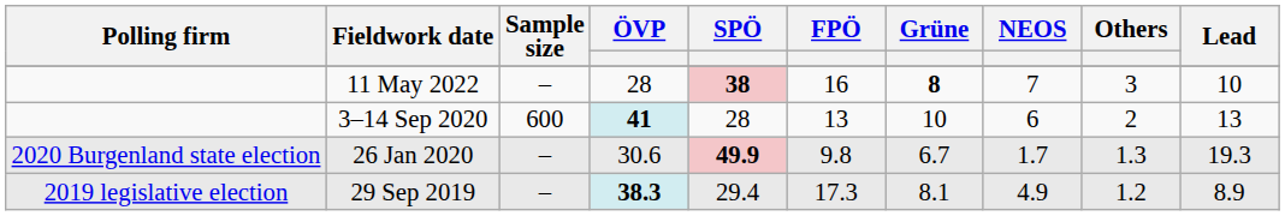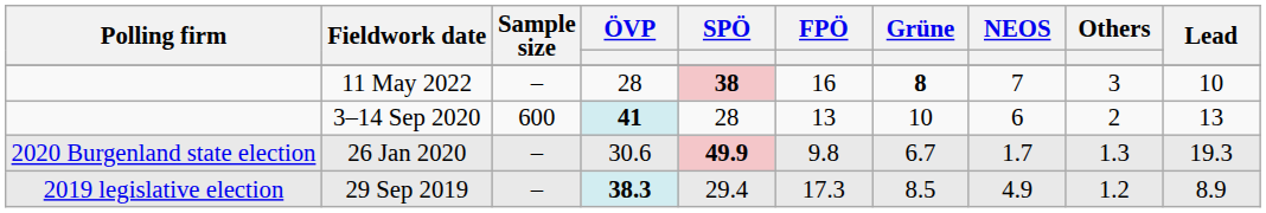 <table class="wikitable sortable mw-datatable" style="text-align:center;font-size:90%;line-height:14px;">
 <tr>
 <th rowspan="2">Polling firm</th>
 <th rowspan="2">Fieldwork date</th>
 <th rowspan="2">Sample<br>size</th>
 <th class="unsortable" style="width:50px;"><a href='#'>ÖVP</a></th>
 <th class="unsortable" style="width:50px;"><a href='#'>SPÖ</a></th>
 <th class="unsortable" style="width:50px;"><a href='#'>FPÖ</a></th>
 <th class="unsortable" style="width:50px;"><a href='#'>Grüne</a></th>
 <th class="unsortable" style="width:50px;"><a href='#'>NEOS</a></th>
 <th class="unsortable" style="width:50px;">Others</th>
 <th rowspan="2" class="unsortable" style="width:50px;">Lead</th>
 </tr>
 <tr>
 <th style="background:"></th>
 <th style="background:"></th>
 <th style="background:"></th>
 <th style="background:"></th>
 <th style="background:"></th>
 <th style="background:"></th>
 </tr>
 <tr>
 </tr>
 <tr>
 <td></td>
 <td>11 May 2022</td>
 <td>–</td>
 <td>28</td>
 <td style="background:#F4C6C9;"><strong>38</strong></td>
 <td>16</td>
 <td><strong>8</strong></td>
 <td>7</td>
 <td>3</td>
 <td style="background:">10</td>
 </tr>
 <tr>
 <td></td>
 <td>3–14 Sep 2020</td>
 <td>600</td>
 <td style="background:#D2EDF1"><strong>41</strong></td>
 <td>28</td>
 <td>13</td>
 <td>10</td>
 <td>6</td>
 <td>2</td>
 <td style="background:">13</td>
 </tr>
 <tr style="background:#E9E9E9;">
 <td><a href='#'>2020 Burgenland state election</a></td>
 <td data-sort-value="2020-09-25">26 Jan 2020</td>
 <td>–</td>
 <td>30.6</td>
 <td style="background:#F4C6C9;"><strong>49.9</strong></td>
 <td>9.8</td>
 <td>6.7</td>
 <td>1.7</td>
 <td>1.3</td>
 <td style="background:">19.3</td>
 </tr>
 <tr style="background:#E9E9E9;">
 <td><a href='#'>2019 legislative election</a></td>
 <td>29 Sep 2019</td>
 <td>–</td>
 <td style="background:#D2EDF1"><strong>38.3</strong></td>
 <td>29.4</td>
 <td>17.3</td>
-<td>8.1</td>
+<td>8.5</td>
 <td>4.9</td>
 <td>1.2</td>
 <td style="background:">8.9</td>
 </tr>
 </table>
